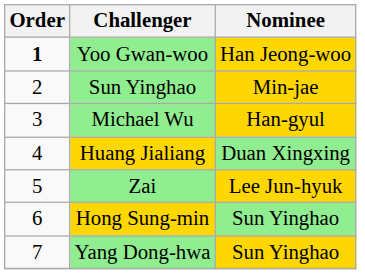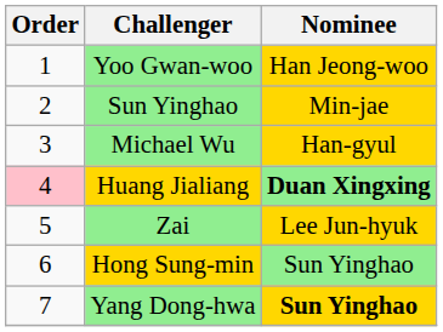 <table class="wikitable" style="text-align:center;">
 <tr>
 <th>Order</th>
 <th>Challenger</th>
 <th>Nominee</th>
 </tr>
 <tr>
-<td><strong>1</strong></td>
+<td>1</td>
 <td style="background:#90EE90">Yoo Gwan-woo</td>
 <td style="background:Gold">Han Jeong-woo</td>
 </tr>
 <tr>
 <td>2</td>
 <td style="background:#90EE90">Sun Yinghao</td>
 <td style="background:Gold">Min-jae</td>
 </tr>
 <tr>
 <td>3</td>
 <td style="background:#90EE90">Michael Wu</td>
 <td style="background:Gold">Han-gyul</td>
 </tr>
 <tr>
-<td>4</td>
+<td style="background: pink;">4</td>
 <td style="background:Gold">Huang Jialiang</td>
-<td style="background:#90EE90">Duan Xingxing</td>
+<td style="background:#90EE90"><strong>Duan Xingxing</strong></td>
 </tr>
 <tr>
 <td>5</td>
 <td style="background:#90EE90">Zai</td>
 <td style="background:Gold">Lee Jun-hyuk</td>
 </tr>
 <tr>
 <td>6</td>
 <td style="background:Gold">Hong Sung-min</td>
 <td style="background:#90EE90">Sun Yinghao</td>
 </tr>
 <tr>
 <td>7</td>
 <td style="background:#90EE90">Yang Dong-hwa</td>
-<td style="background:Gold">Sun Yinghao</td>
+<td style="background:Gold"><strong>Sun Yinghao</strong></td>
 </tr>
 <tr>
 </tr>
 </table>
